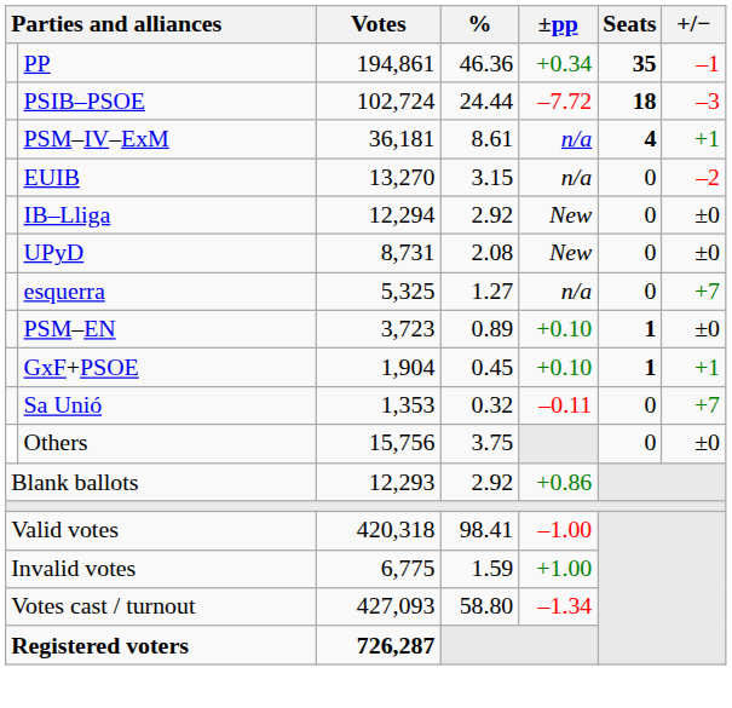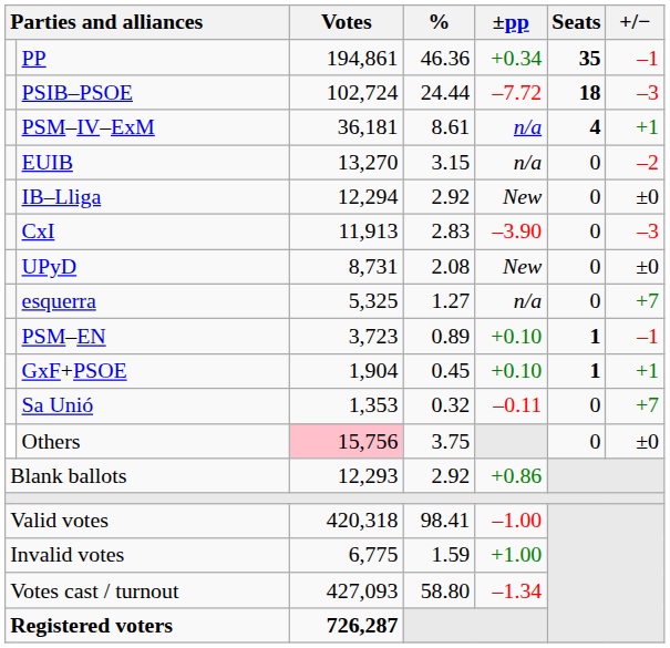 <table class="wikitable" style="text-align:right;">
 <tr>
 <th style="text-align:left;" colspan="2" width="200">Parties and alliances</th>
 <th width="75">Votes</th>
 <th width="45">%</th>
 <th width="45">±<a href='#'>pp</a></th>
 <th width="35">Seats</th>
 <th width="35">+/−</th>
 </tr>
 <tr>
 <td width="1" style="color:inherit;background:"></td>
 <td align="left"><a href='#'>PP</a></td>
 <td>194,861</td>
 <td>46.36</td>
 <td style="color:green;">+0.34</td>
 <td><strong>35</strong></td>
 <td style="color:red;">–1</td>
 </tr>
 <tr>
 <td style="color:inherit;background:"></td>
 <td align="left"><a href='#'>PSIB–PSOE</a></td>
 <td>102,724</td>
 <td>24.44</td>
 <td style="color:red;">–7.72</td>
 <td><strong>18</strong></td>
 <td style="color:red;">–3</td>
 </tr>
 <tr>
 <td style="color:inherit;background:"></td>
 <td align="left"><a href='#'>PSM</a>–<a href='#'>IV</a>–<a href='#'>ExM</a></td>
 <td>36,181</td>
 <td>8.61</td>
 <td><em><a href='#'>n/a</a></em></td>
 <td><strong>4</strong></td>
 <td style="color:green;">+1</td>
 </tr>
 <tr>
 <td style="color:inherit;background:"></td>
 <td align="left"><a href='#'>EUIB</a></td>
 <td>13,270</td>
 <td>3.15</td>
 <td><em>n/a</em></td>
 <td>0</td>
 <td style="color:red;">–2</td>
 </tr>
 <tr>
 <td style="color:inherit;background:"></td>
 <td align="left"><a href='#'>IB–Lliga</a></td>
 <td>12,294</td>
 <td>2.92</td>
 <td><em>New</em></td>
 <td>0</td>
 <td>±0</td>
 </tr>
 <tr>
 <td style="color:inherit;background:"></td>
+<td align="left"><a href='#'>CxI</a></td>
+<td>11,913</td>
+<td>2.83</td>
+<td style="color:red;">–3.90</td>
+<td>0</td>
+<td style="color:red;">–3</td>
+</tr>
+<tr>
+<td style="color:inherit;background:"></td>
 <td align="left"><a href='#'>UPyD</a></td>
 <td>8,731</td>
 <td>2.08</td>
 <td><em>New</em></td>
 <td>0</td>
 <td>±0</td>
 </tr>
 <tr>
 <td style="color:inherit;background:"></td>
 <td align="left"><a href='#'>esquerra</a></td>
 <td>5,325</td>
 <td>1.27</td>
 <td><em>n/a</em></td>
 <td>0</td>
 <td style="color:green;">+7</td>
 </tr>
 <tr>
 <td style="color:inherit;background:"></td>
 <td align="left"><a href='#'>PSM</a>–<a href='#'>EN</a></td>
 <td>3,723</td>
 <td>0.89</td>
 <td style="color:green;">+0.10</td>
 <td><strong>1</strong></td>
-<td>±0</td>
+<td style="color:red;">–1</td>
 </tr>
 <tr>
 <td style="color:inherit;background:"></td>
 <td align="left"><a href='#'>GxF</a>+<a href='#'>PSOE</a></td>
 <td>1,904</td>
 <td>0.45</td>
 <td style="color:green;">+0.10</td>
 <td><strong>1</strong></td>
 <td style="color:green;">+1</td>
 </tr>
 <tr>
 <td style="color:inherit;background:"></td>
 <td align="left"><a href='#'>Sa Unió</a></td>
 <td>1,353</td>
 <td>0.32</td>
 <td style="color:red;">–0.11</td>
 <td>0</td>
 <td style="color:green;">+7</td>
 </tr>
 <tr>
 <td bgcolor="white"></td>
 <td align="left">Others</td>
-<td>15,756</td>
+<td style="background: pink;">15,756</td>
 <td>3.75</td>
 <td bgcolor="#E9E9E9"></td>
 <td>0</td>
 <td>±0</td>
 </tr>
 <tr>
 <td align="left" colspan="2">Blank ballots</td>
 <td>12,293</td>
 <td>2.92</td>
 <td style="color:green;">+0.86</td>
 <td bgcolor="#E9E9E9" colspan="2"></td>
 </tr>
 <tr>
 <td colspan="7" bgcolor="#E9E9E9"></td>
 </tr>
 <tr>
 <td align="left" colspan="2">Valid votes</td>
 <td>420,318</td>
 <td>98.41</td>
 <td style="color:red;">–1.00</td>
 <td bgcolor="#E9E9E9" colspan="2" rowspan="4"></td>
 </tr>
 <tr>
 <td align="left" colspan="2">Invalid votes</td>
 <td>6,775</td>
 <td>1.59</td>
 <td style="color:green;">+1.00</td>
 </tr>
 <tr>
 <td align="left" colspan="2">Votes cast / turnout</td>
 <td>427,093</td>
 <td>58.80</td>
 <td style="color:red;">–1.34</td>
 </tr>
 <tr style="font-weight:bold;">
 <td align="left" colspan="2">Registered voters</td>
 <td>726,287</td>
 <td bgcolor="#E9E9E9" colspan="2"></td>
 </tr>
 </table>
